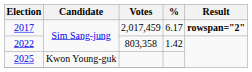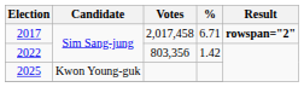 <table class="wikitable" style="text-align:center">
 <tr>
 <th>Election</th>
 <th>Candidate</th>
 <th>Votes</th>
 <th>%</th>
 <th>Result</th>
 </tr>
 <tr>
 <td><a href='#'>2017</a></td>
 <td rowspan="2"><a href='#'>Sim Sang-jung</a></td>
-<td>2,017,459</td>
-<td>6.17</td>
+<td>2,017,458</td>
+<td>6.71</td>
 <td><strong>rowspan="2" </strong></td>
 </tr>
 <tr>
 <td><a href='#'>2022</a></td>
-<td>803,358</td>
+<td>803,356</td>
 <td>1.42</td>
 </tr>
 <tr>
 <td><a href='#'>2025</a></td>
 <td>Kwon Young-guk</td>
 <td></td>
 <td></td>
 </tr>
 <tr>
 </tr>
 </table>
